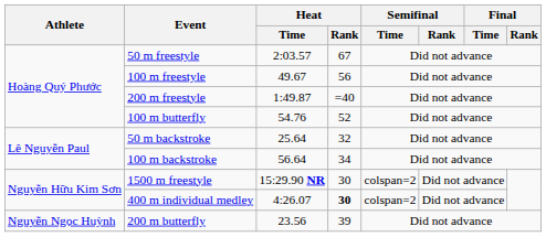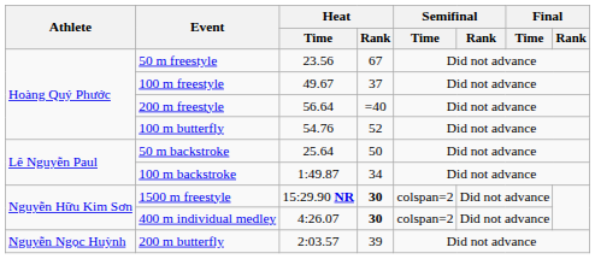 <table class=wikitable style="font-size:90%">
 <tr>
 <th rowspan="2">Athlete</th>
 <th rowspan="2">Event</th>
 <th colspan="2">Heat</th>
 <th colspan="2">Semifinal</th>
 <th colspan="2">Final</th>
 </tr>
 <tr style="font-size:95%">
 <th>Time</th>
 <th>Rank</th>
 <th>Time</th>
 <th>Rank</th>
 <th>Time</th>
 <th>Rank</th>
 </tr>
 <tr align=center>
 <td align=left rowspan=4><a href='#'>Hoàng Quý Phước</a></td>
 <td align=left><a href='#'>50 m freestyle</a></td>
-<td>2:03.57</td>
+<td>23.56</td>
 <td>67</td>
 <td colspan=4>Did not advance</td>
 </tr>
 <tr align=center>
 <td align=left><a href='#'>100 m freestyle</a></td>
 <td>49.67</td>
-<td>56</td>
+<td>37</td>
 <td colspan=4>Did not advance</td>
 </tr>
 <tr align=center>
 <td align=left><a href='#'>200 m freestyle</a></td>
-<td>1:49.87</td>
+<td>56.64</td>
 <td>=40</td>
 <td colspan=4>Did not advance</td>
 </tr>
 <tr align=center>
 <td align=left><a href='#'>100 m butterfly</a></td>
 <td>54.76</td>
 <td>52</td>
 <td colspan=4>Did not advance</td>
 </tr>
 <tr align=center>
 <td align=left rowspan=2><a href='#'>Lê Nguyễn Paul</a></td>
 <td align=left><a href='#'>50 m backstroke</a></td>
 <td>25.64</td>
-<td>32</td>
+<td>50</td>
 <td colspan=4>Did not advance</td>
 </tr>
 <tr align=center>
 <td align=left><a href='#'>100 m backstroke</a></td>
-<td>56.64</td>
+<td>1:49.87</td>
 <td>34</td>
 <td colspan=4>Did not advance</td>
 </tr>
 <tr align=center>
 <td align=left rowspan=2><a href='#'>Nguyễn Hữu Kim Sơn</a></td>
 <td align=left><a href='#'>1500 m freestyle</a></td>
 <td>15:29.90 <strong><a href='#'>NR</a></strong></td>
-<td>30</td>
+<td><strong>30</strong></td>
 <td>colspan=2 </td>
 <td colspan=2>Did not advance</td>
 </tr>
 <tr align=center>
 <td align=left><a href='#'>400 m individual medley</a></td>
 <td>4:26.07</td>
 <td><strong>30</strong></td>
 <td>colspan=2 </td>
 <td colspan=2>Did not advance</td>
 </tr>
 <tr align=center>
 <td align=left><a href='#'>Nguyễn Ngọc Huỳnh</a></td>
 <td align=left><a href='#'>200 m butterfly</a></td>
-<td>23.56</td>
+<td>2:03.57</td>
 <td>39</td>
 <td colspan=4>Did not advance</td>
 </tr>
 </table>
